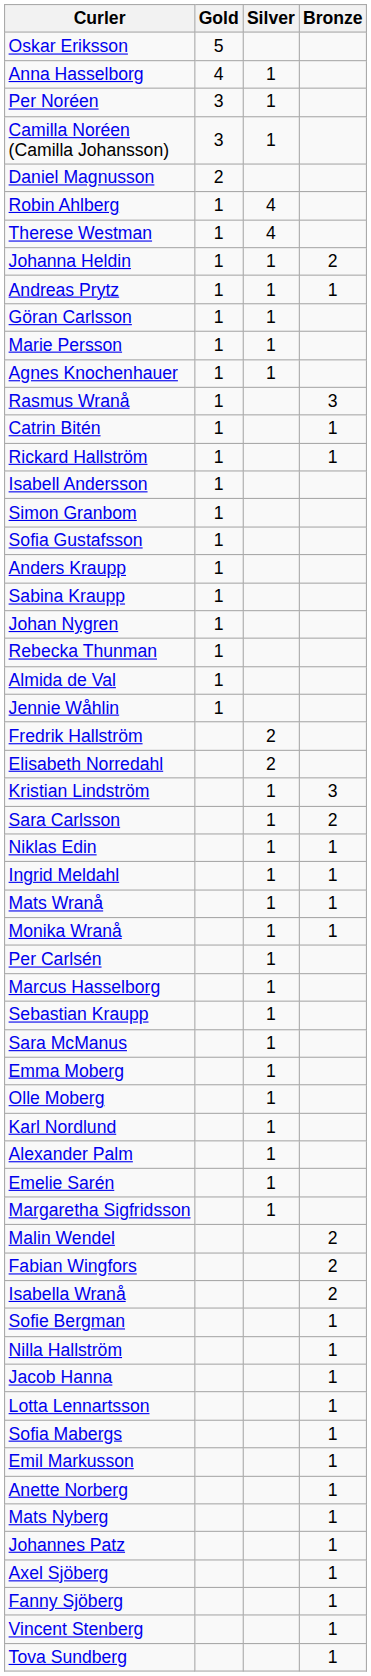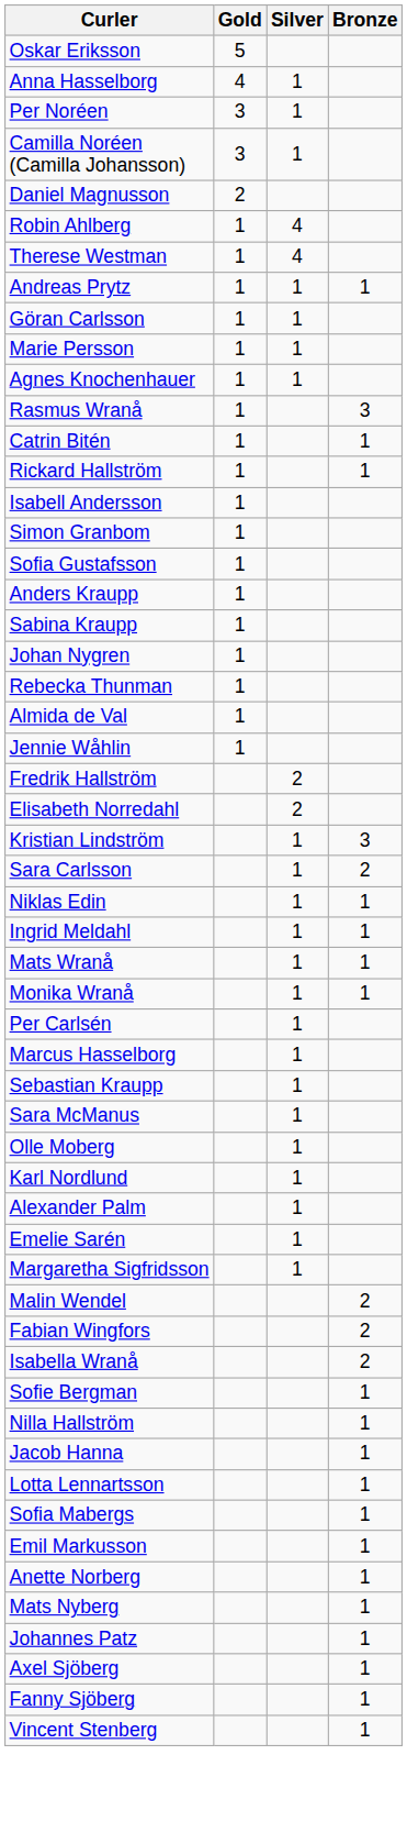 <table class="wikitable" style="text-align:center;">
 <tr>
 <th>Curler</th>
 <th>Gold</th>
 <th>Silver</th>
 <th>Bronze</th>
 </tr>
 <tr>
 <td align="left"><a href='#'>Oskar Eriksson</a></td>
 <td>5</td>
 <td></td>
 <td></td>
 </tr>
 <tr>
 <td align="left"><a href='#'>Anna Hasselborg</a></td>
 <td>4</td>
 <td>1</td>
 <td></td>
 </tr>
 <tr>
 <td align="left"><a href='#'>Per Noréen</a></td>
 <td>3</td>
 <td>1</td>
 <td></td>
 </tr>
 <tr>
 <td align="left"><a href='#'>Camilla Noréen</a><br>(Camilla Johansson)</td>
 <td>3</td>
 <td>1</td>
 <td></td>
 </tr>
 <tr>
 <td align="left"><a href='#'>Daniel Magnusson</a></td>
 <td>2</td>
 <td></td>
 <td></td>
 </tr>
 <tr>
 <td align="left"><a href='#'>Robin Ahlberg</a></td>
 <td>1</td>
 <td>4</td>
 <td></td>
 </tr>
 <tr>
 <td align="left"><a href='#'>Therese Westman</a></td>
 <td>1</td>
 <td>4</td>
 <td></td>
-</tr>
-<tr>
-<td align="left"><a href='#'>Johanna Heldin</a></td>
-<td>1</td>
-<td>1</td>
-<td>2</td>
 </tr>
 <tr>
 <td align="left"><a href='#'>Andreas Prytz</a></td>
 <td>1</td>
 <td>1</td>
 <td>1</td>
 </tr>
 <tr>
 <td align="left"><a href='#'>Göran Carlsson</a></td>
 <td>1</td>
 <td>1</td>
 <td></td>
 </tr>
 <tr>
 <td align="left"><a href='#'>Marie Persson</a></td>
 <td>1</td>
 <td>1</td>
 <td></td>
 </tr>
 <tr>
 <td align="left"><a href='#'>Agnes Knochenhauer</a></td>
 <td>1</td>
 <td>1</td>
 <td></td>
 </tr>
 <tr>
 <td align="left"><a href='#'>Rasmus Wranå</a></td>
 <td>1</td>
 <td></td>
 <td>3</td>
 </tr>
 <tr>
 <td align="left"><a href='#'>Catrin Bitén</a></td>
 <td>1</td>
 <td></td>
 <td>1</td>
 </tr>
 <tr>
 <td align="left"><a href='#'>Rickard Hallström</a></td>
 <td>1</td>
 <td></td>
 <td>1</td>
 </tr>
 <tr>
 <td align="left"><a href='#'>Isabell Andersson</a></td>
 <td>1</td>
 <td></td>
 <td></td>
 </tr>
 <tr>
 <td align="left"><a href='#'>Simon Granbom</a></td>
 <td>1</td>
 <td></td>
 <td></td>
 </tr>
 <tr>
 <td align="left"><a href='#'>Sofia Gustafsson</a></td>
 <td>1</td>
 <td></td>
 <td></td>
 </tr>
 <tr>
 <td align="left"><a href='#'>Anders Kraupp</a></td>
 <td>1</td>
 <td></td>
 <td></td>
 </tr>
 <tr>
 <td align="left"><a href='#'>Sabina Kraupp</a></td>
 <td>1</td>
 <td></td>
 <td></td>
 </tr>
 <tr>
 <td align="left"><a href='#'>Johan Nygren</a></td>
 <td>1</td>
 <td></td>
 <td></td>
 </tr>
 <tr>
 <td align="left"><a href='#'>Rebecka Thunman</a></td>
 <td>1</td>
 <td></td>
 <td></td>
 </tr>
 <tr>
 <td align="left"><a href='#'>Almida de Val</a></td>
 <td>1</td>
 <td></td>
 <td></td>
 </tr>
 <tr>
 <td align="left"><a href='#'>Jennie Wåhlin</a></td>
 <td>1</td>
 <td></td>
 <td></td>
 </tr>
 <tr>
 <td align="left"><a href='#'>Fredrik Hallström</a></td>
 <td></td>
 <td>2</td>
 <td></td>
 </tr>
 <tr>
 <td align="left"><a href='#'>Elisabeth Norredahl</a></td>
 <td></td>
 <td>2</td>
 <td></td>
 </tr>
 <tr>
 <td align="left"><a href='#'>Kristian Lindström</a></td>
 <td></td>
 <td>1</td>
 <td>3</td>
 </tr>
 <tr>
 <td align="left"><a href='#'>Sara Carlsson</a></td>
 <td></td>
 <td>1</td>
 <td>2</td>
 </tr>
 <tr>
 <td align="left"><a href='#'>Niklas Edin</a></td>
 <td></td>
 <td>1</td>
 <td>1</td>
 </tr>
 <tr>
 <td align="left"><a href='#'>Ingrid Meldahl</a></td>
 <td></td>
 <td>1</td>
 <td>1</td>
 </tr>
 <tr>
 <td align="left"><a href='#'>Mats Wranå</a></td>
 <td></td>
 <td>1</td>
 <td>1</td>
 </tr>
 <tr>
 <td align="left"><a href='#'>Monika Wranå</a></td>
 <td></td>
 <td>1</td>
 <td>1</td>
 </tr>
 <tr>
 <td align="left"><a href='#'>Per Carlsén</a></td>
 <td></td>
 <td>1</td>
 <td></td>
 </tr>
 <tr>
 <td align="left"><a href='#'>Marcus Hasselborg</a></td>
 <td></td>
 <td>1</td>
 <td></td>
 </tr>
 <tr>
 <td align="left"><a href='#'>Sebastian Kraupp</a></td>
 <td></td>
 <td>1</td>
 <td></td>
 </tr>
 <tr>
 <td align="left"><a href='#'>Sara McManus</a></td>
 <td></td>
 <td>1</td>
 <td></td>
 </tr>
 <tr>
-<td align="left"><a href='#'>Emma Moberg</a></td>
-<td></td>
-<td>1</td>
-<td></td>
-</tr>
-<tr>
 <td align="left"><a href='#'>Olle Moberg</a></td>
 <td></td>
 <td>1</td>
 <td></td>
 </tr>
 <tr>
 <td align="left"><a href='#'>Karl Nordlund</a></td>
 <td></td>
 <td>1</td>
 <td></td>
 </tr>
 <tr>
 <td align="left"><a href='#'>Alexander Palm</a></td>
 <td></td>
 <td>1</td>
 <td></td>
 </tr>
 <tr>
 <td align="left"><a href='#'>Emelie Sarén</a></td>
 <td></td>
 <td>1</td>
 <td></td>
 </tr>
 <tr>
 <td align="left"><a href='#'>Margaretha Sigfridsson</a></td>
 <td></td>
 <td>1</td>
 <td></td>
 </tr>
 <tr>
 <td align="left"><a href='#'>Malin Wendel</a></td>
 <td></td>
 <td></td>
 <td>2</td>
 </tr>
 <tr>
 <td align="left"><a href='#'>Fabian Wingfors</a></td>
 <td></td>
 <td></td>
 <td>2</td>
 </tr>
 <tr>
 <td align="left"><a href='#'>Isabella Wranå</a></td>
 <td></td>
 <td></td>
 <td>2</td>
 </tr>
 <tr>
 <td align="left"><a href='#'>Sofie Bergman</a></td>
 <td></td>
 <td></td>
 <td>1</td>
 </tr>
 <tr>
 <td align="left"><a href='#'>Nilla Hallström</a></td>
 <td></td>
 <td></td>
 <td>1</td>
 </tr>
 <tr>
 <td align="left"><a href='#'>Jacob Hanna</a></td>
 <td></td>
 <td></td>
 <td>1</td>
 </tr>
 <tr>
 <td align="left"><a href='#'>Lotta Lennartsson</a></td>
 <td></td>
 <td></td>
 <td>1</td>
 </tr>
 <tr>
 <td align="left"><a href='#'>Sofia Mabergs</a></td>
 <td></td>
 <td></td>
 <td>1</td>
 </tr>
 <tr>
 <td align="left"><a href='#'>Emil Markusson</a></td>
 <td></td>
 <td></td>
 <td>1</td>
 </tr>
 <tr>
 <td align="left"><a href='#'>Anette Norberg</a></td>
 <td></td>
 <td></td>
 <td>1</td>
 </tr>
 <tr>
 <td align="left"><a href='#'>Mats Nyberg</a></td>
 <td></td>
 <td></td>
 <td>1</td>
 </tr>
 <tr>
 <td align="left"><a href='#'>Johannes Patz</a></td>
 <td></td>
 <td></td>
 <td>1</td>
 </tr>
 <tr>
 <td align="left"><a href='#'>Axel Sjöberg</a></td>
 <td></td>
 <td></td>
 <td>1</td>
 </tr>
 <tr>
 <td align="left"><a href='#'>Fanny Sjöberg</a></td>
 <td></td>
 <td></td>
 <td>1</td>
 </tr>
 <tr>
 <td align="left"><a href='#'>Vincent Stenberg</a></td>
 <td></td>
 <td></td>
 <td>1</td>
 </tr>
-<tr>
-<td align="left"><a href='#'>Tova Sundberg</a></td>
-<td></td>
-<td></td>
-<td>1<br></td>
-</tr>
 </table>
